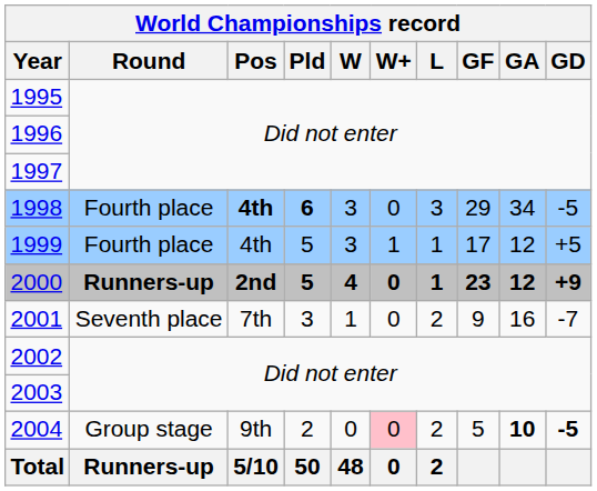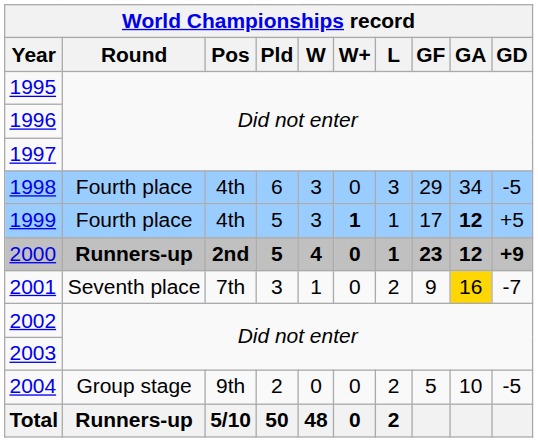 <table class="wikitable" style="text-align: center;">
 <tr>
 <th colspan="10"><a href='#'>World Championships</a> record</th>
 </tr>
 <tr>
 <th>Year</th>
 <th>Round</th>
 <th width="20">Pos</th>
 <th width="20">Pld</th>
 <th width="20">W</th>
 <th width="20">W+</th>
 <th width="20">L</th>
 <th width="20">GF</th>
 <th width="20">GA</th>
 <th width="20">GD</th>
 </tr>
 <tr>
 <td align="left"> <a href='#'>1995</a></td>
 <td colspan="9" rowspan="3"><em>Did not enter</em></td>
 </tr>
 <tr>
 <td align="left"> <a href='#'>1996</a></td>
 </tr>
 <tr>
 <td align="left"> <a href='#'>1997</a></td>
 </tr>
 <tr bgcolor="#9acdff">
 <td align="left"> <a href='#'>1998</a></td>
 <td>Fourth place</td>
-<td><strong>4th</strong></td>
-<td><strong>6</strong></td>
+<td>4th</td>
+<td>6</td>
 <td>3</td>
 <td>0</td>
 <td>3</td>
 <td>29</td>
 <td>34</td>
 <td>-5</td>
 </tr>
 <tr bgcolor="#9acdff">
 <td align="left"> <a href='#'>1999</a></td>
 <td>Fourth place</td>
 <td>4th</td>
 <td>5</td>
 <td>3</td>
-<td>1</td>
+<td><strong>1</strong></td>
 <td>1</td>
 <td>17</td>
-<td>12</td>
+<td><strong>12</strong></td>
 <td>+5</td>
 </tr>
 <tr bgcolor="Silver">
 <td align="left"> <a href='#'>2000</a></td>
 <td><strong>Runners-up</strong></td>
 <td><strong>2nd</strong></td>
 <td><strong>5</strong></td>
 <td><strong>4</strong></td>
 <td><strong>0</strong></td>
 <td><strong>1</strong></td>
 <td><strong>23</strong></td>
 <td><strong>12</strong></td>
 <td><strong>+9</strong></td>
 </tr>
 <tr>
 <td align="left"> <a href='#'>2001</a></td>
 <td>Seventh place</td>
 <td>7th</td>
 <td>3</td>
 <td>1</td>
 <td>0</td>
 <td>2</td>
 <td>9</td>
-<td>16</td>
+<td style="background: gold;">16</td>
 <td>-7</td>
 </tr>
 <tr>
 <td align="left"> <a href='#'>2002</a></td>
 <td colspan="9" rowspan="2"><em>Did not enter</em></td>
 </tr>
 <tr>
 <td align="left"> <a href='#'>2003</a></td>
 </tr>
 <tr>
 <td align="left"> <a href='#'>2004</a></td>
 <td>Group stage</td>
 <td>9th</td>
 <td>2</td>
 <td>0</td>
-<td style="background: pink;">0</td>
+<td>0</td>
 <td>2</td>
 <td>5</td>
-<td><strong>10</strong></td>
-<td><strong>-5</strong></td>
+<td>10</td>
+<td>-5</td>
 </tr>
 <tr>
 <th>Total</th>
 <th>Runners-up</th>
 <th>5/10</th>
 <th>50</th>
 <th>48</th>
 <th>0</th>
 <th>2</th>
 <th></th>
 <th></th>
 <th></th>
 </tr>
 </table>
